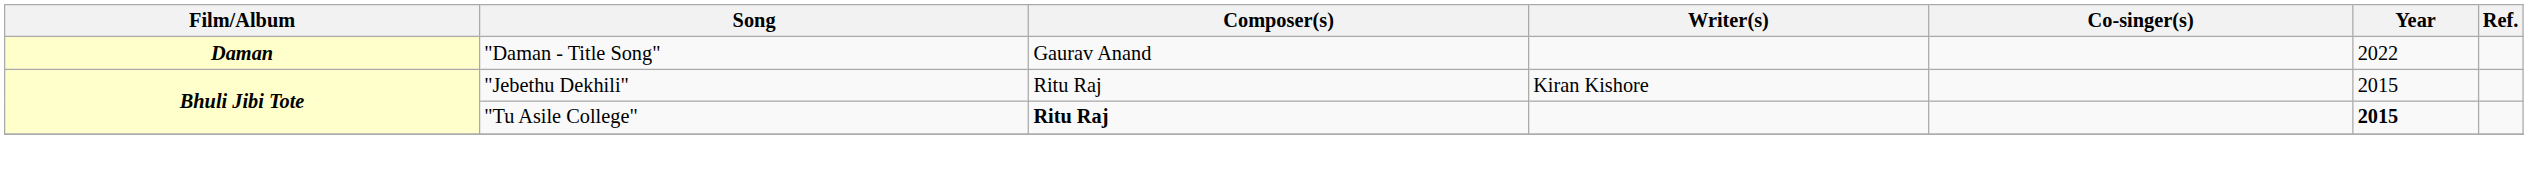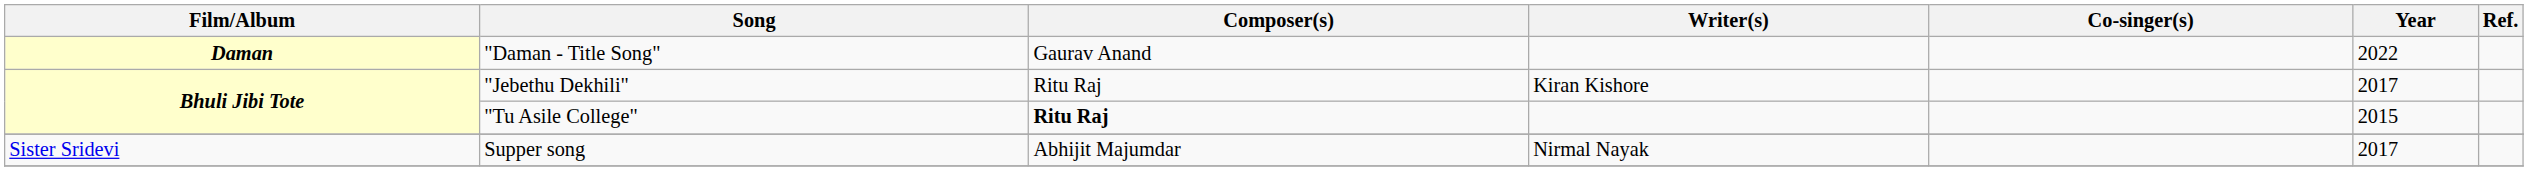 <table class="wikitable plainrowheaders" width="100%">
 <tr>
 <th scope="col" width=19%>Film/Album</th>
 <th scope="col" width=22%>Song</th>
 <th scope="col" width=20%>Composer(s)</th>
 <th scope="col" width=16%>Writer(s)</th>
 <th scope="col" width=17%>Co-singer(s)</th>
 <th scope="col" width=5%>Year</th>
 <th scope="col" width=1%>Ref.</th>
 </tr>
 <tr>
 <th scope="row" style="background:#FFFFCC;"><em>Daman</em></th>
 <td>"Daman - Title Song"</td>
 <td>Gaurav Anand</td>
 <td></td>
 <td></td>
 <td>2022</td>
 </tr>
 <tr>
 <th scope="row" style="background:#FFFFCC;" rowspan="2"><em>Bhuli Jibi Tote</em></th>
 <td>"Jebethu Dekhili"</td>
 <td>Ritu Raj</td>
 <td>Kiran Kishore</td>
 <td></td>
-<td>2015</td>
+<td>2017</td>
 <td></td>
 </tr>
 <tr>
 <td>"Tu Asile College"</td>
 <td><strong>Ritu Raj</strong></td>
 <td></td>
 <td></td>
-<td><strong>2015</strong></td>
+<td>2015</td>
 <td></td>
 </tr>
 <tr>
 </tr>
 <tr>
+<td><a href='#'>Sister Sridevi</a></td>
+<td>Supper song</td>
+<td>Abhijit Majumdar</td>
+<td>Nirmal Nayak</td>
+<td></td>
+<td>2017</td>
+<td></td>
+</tr>
+<tr>
 </tr>
 </table>
